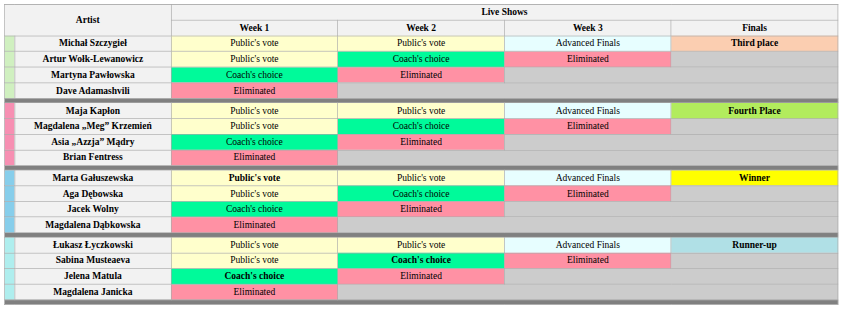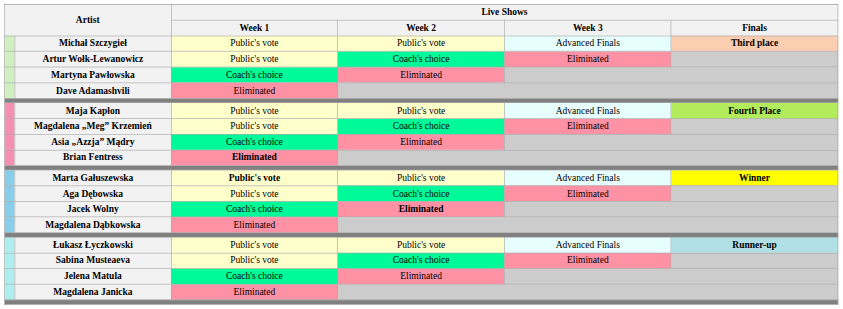 <table class="wikitable" style="font-size:90%; text-align:center; width:100%;">
 <tr>
 </tr>
 <tr>
 <th rowspan="2" colspan="2" width="16%">Artist</th>
 <th colspan="4" width="60%">Live Shows</th>
 </tr>
 <tr>
 <th width="16%">Week 1</th>
 <th width="16%">Week 2</th>
 <th width="16%">Week 3</th>
 <th width="16%">Finals</th>
 </tr>
 <tr>
 <th width="1%" style="background:#d0f0c0;"></th>
 <th width="15%">Michał Szczygieł</th>
 <td style="background:#FFFFCC">Public's vote</td>
 <td style="background:#FFFFCC">Public's vote</td>
 <td style="background:#E7FEFF">Advanced Finals</td>
 <td style="background:#FBCEB1"><strong>Third place</strong></td>
 </tr>
 <tr>
 <th width="1%" style="background:#d0f0c0;"></th>
 <th width="10%">Artur Wołk-Lewanowicz</th>
 <td style="background:#FFFFCC">Public's vote</td>
 <td style="background:#00FA9A">Coach's choice</td>
 <td style="background:#FF91A4">Eliminated</td>
 <td style="background:#ccc;"></td>
 </tr>
 <tr>
 <th width="1%" style="background:#d0f0c0;"></th>
 <th width="10%">Martyna Pawłowska</th>
 <td style="background:#00FA9A">Coach's choice</td>
 <td style="background:#FF91A4;">Eliminated</td>
 <td colspan="2" style="background:#ccc;"></td>
 </tr>
 <tr>
 <th width="1%" style="background:#d0f0c0;"></th>
 <th width="10%">Dave Adamashvili</th>
 <td style="background:#FF91A4;">Eliminated</td>
 <td colspan="4" style="background:#ccc;"></td>
 </tr>
 <tr>
 <th colspan="6" style="background:grey;"></th>
 </tr>
 <tr>
 <th width="1%" style="background:#F78FB2;"></th>
 <th width="10%">Maja Kapłon</th>
 <td style="background:#FFFFCC">Public's vote</td>
 <td style="background:#FFFFCC">Public's vote</td>
 <td style="background:#E7FEFF">Advanced Finals</td>
 <td style="background:#B2EC5D"><strong>Fourth Place</strong></td>
 </tr>
 <tr>
 <th width="1%" style="background:#F78FB2;"></th>
 <th width="10%">Magdalena „Meg” Krzemień</th>
 <td style="background:#FFFFCC">Public's vote</td>
 <td style="background:#00FA9A">Coach's choice</td>
 <td style="background:#FF91A4">Eliminated</td>
 <td style="background:#ccc;"></td>
 </tr>
 <tr>
 <th width="1%" style="background:#F78FB2;"></th>
 <th width="10%">Asia „Azzja” Mądry</th>
 <td style="background:#00FA9A">Coach's choice</td>
 <td style="background:#FF91A4;">Eliminated</td>
 <td colspan="2" style="background:#ccc;"></td>
 </tr>
 <tr>
 <th width="1%" style="background:#F78FB2;"></th>
 <th width="10%">Brian Fentress</th>
-<td style="background:#FF91A4;">Eliminated</td>
+<td style="background:#FF91A4;"><strong>Eliminated</strong></td>
 <td colspan="4" style="background:#ccc;"></td>
 </tr>
 <tr>
 <th colspan="6" style="background:grey;"></th>
 </tr>
 <tr>
 <th width="1%" style="background:#87ceeb;"></th>
 <th width="10%">Marta Gałuszewska</th>
 <td style="background:#FFFFCC"><strong>Public's vote</strong></td>
 <td style="background:#FFFFCC">Public's vote</td>
 <td style="background:#E7FEFF">Advanced Finals</td>
 <td style="background:yellow"><strong>Winner</strong></td>
 </tr>
 <tr>
 <th width="1%" style="background:#87ceeb;"></th>
 <th width="10%">Aga Dębowska</th>
 <td style="background:#FFFFCC">Public's vote</td>
 <td style="background:#00FA9A">Coach's choice</td>
 <td style="background:#FF91A4">Eliminated</td>
 <td style="background:#ccc;"></td>
 </tr>
 <tr>
 <th width="1%" style="background:#87ceeb;"></th>
 <th width="10%">Jacek Wolny</th>
 <td style="background:#00FA9A">Coach's choice</td>
-<td style="background:#FF91A4;">Eliminated</td>
+<td style="background:#FF91A4;"><strong>Eliminated</strong></td>
 <td colspan="2" style="background:#ccc;"></td>
 </tr>
 <tr>
 <th width="1%" style="background:#87ceeb;"></th>
 <th width="10%">Magdalena Dąbkowska</th>
 <td style="background:#FF91A4;">Eliminated</td>
 <td colspan="4" style="background:#ccc;"></td>
 </tr>
 <tr>
 <th colspan="6" style="background:grey;"></th>
 </tr>
 <tr>
 <th width="1%" style="background:#afeeee;"></th>
 <th width="10%">Łukasz Łyczkowski</th>
 <td style="background:#FFFFCC">Public's vote</td>
 <td style="background:#FFFFCC">Public's vote</td>
 <td style="background:#E7FEFF">Advanced Finals</td>
 <td style="background:#B0E0E6"><strong>Runner-up</strong></td>
 </tr>
 <tr>
 <th width="1%" style="background:#afeeee;"></th>
 <th width="10%">Sabina Musteaeva</th>
 <td style="background:#FFFFCC">Public's vote</td>
-<td style="background:#00FA9A"><strong>Coach's choice</strong></td>
+<td style="background:#00FA9A">Coach's choice</td>
 <td style="background:#FF91A4">Eliminated</td>
 <td style="background:#ccc;"></td>
 </tr>
 <tr>
 <th width="1%" style="background:#afeeee;"></th>
 <th width="10%">Jelena Matula</th>
-<td style="background:#00FA9A"><strong>Coach's choice</strong></td>
+<td style="background:#00FA9A">Coach's choice</td>
 <td style="background:#FF91A4;">Eliminated</td>
 <td colspan="2" style="background:#ccc;"></td>
 </tr>
 <tr>
 <th width="1%" style="background:#afeeee;"></th>
 <th width="10%">Magdalena Janicka</th>
 <td style="background:#FF91A4;">Eliminated</td>
 <td colspan="4" style="background:#ccc;"></td>
 </tr>
 <tr>
 <th colspan="6" style="background:grey;"></th>
 </tr>
 <tr>
 </tr>
 </table>
